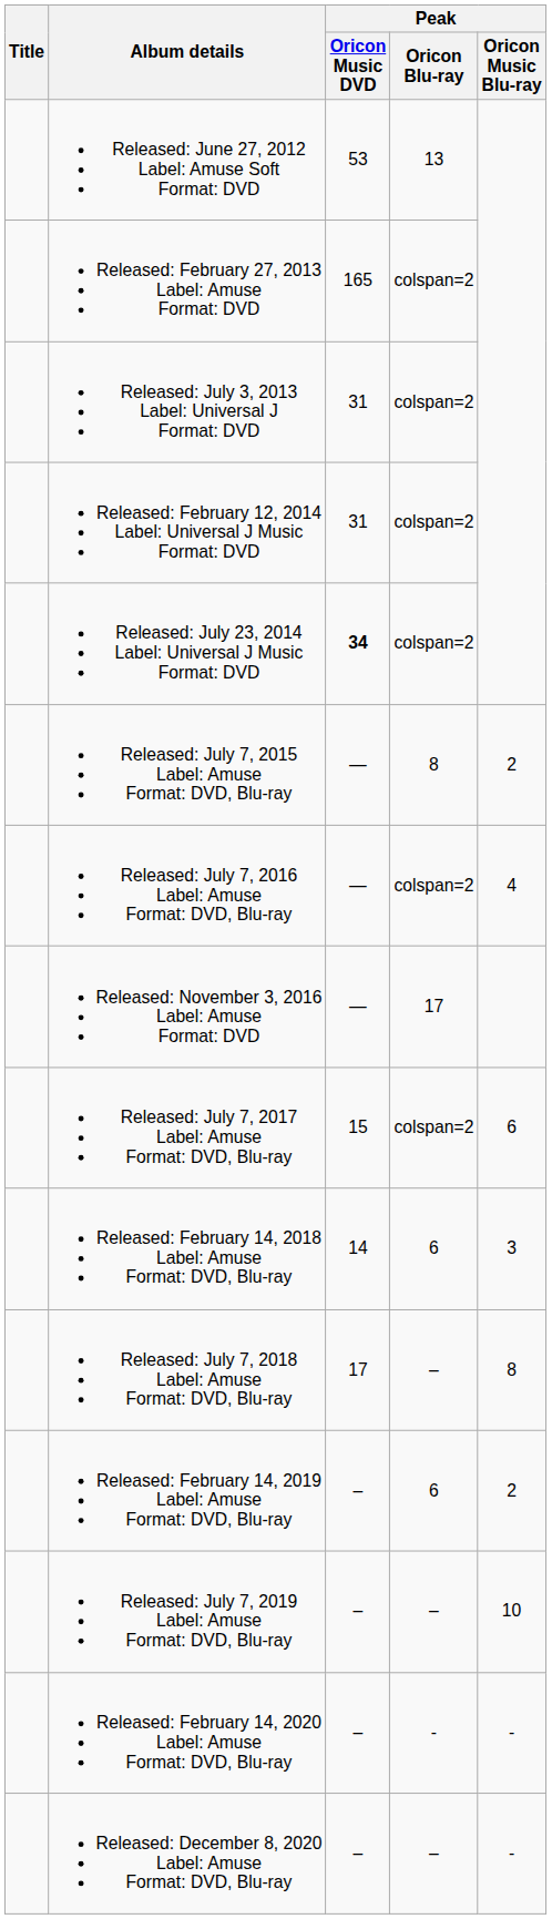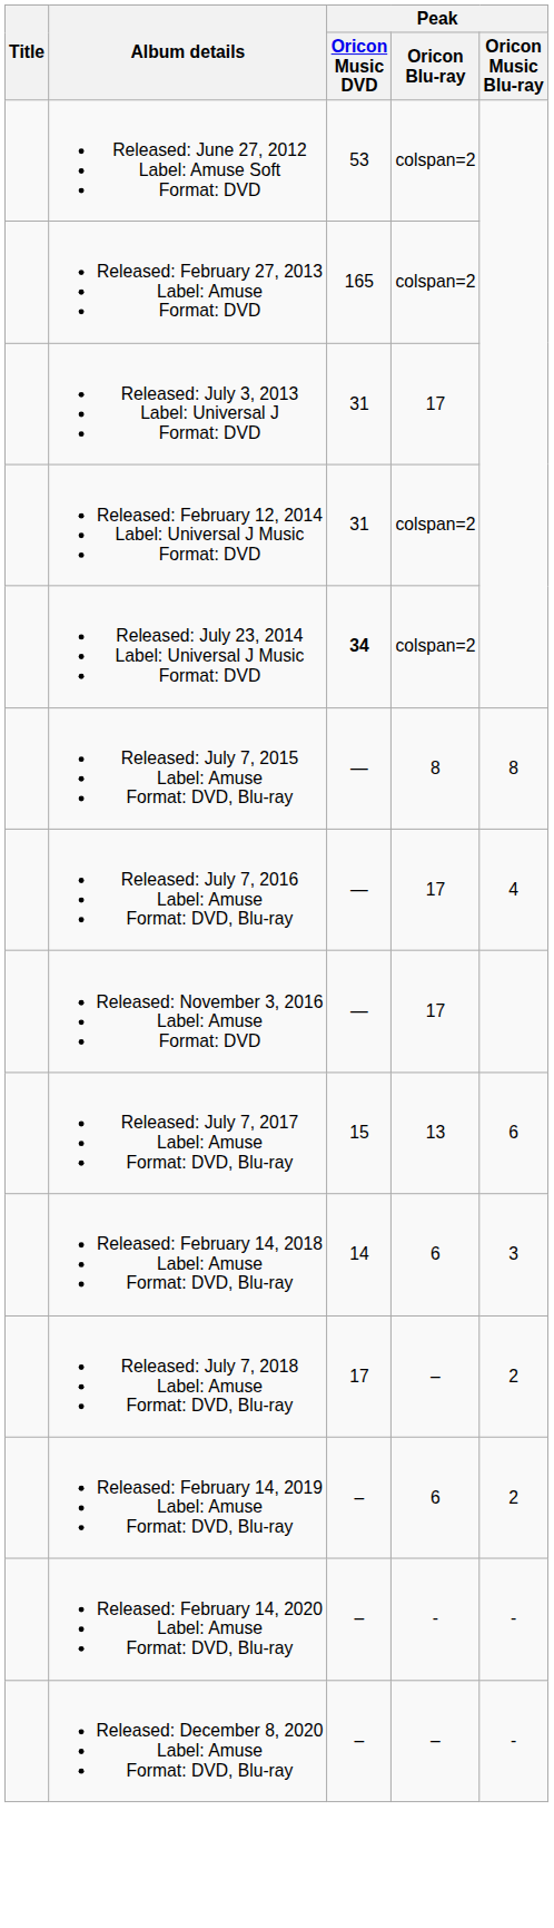 <table class="wikitable" style="text-align:center;">
 <tr>
 <th rowspan="2">Title</th>
 <th rowspan="2">Album details</th>
 <th colspan="3">Peak</th>
 </tr>
 <tr>
 <th><a href='#'>Oricon</a><br>Music<br>DVD</th>
 <th>Oricon<br>Blu-ray</th>
 <th>Oricon<br>Music<br>Blu-ray</th>
 </tr>
 <tr>
 <td align="left"></td>
 <td><br><ul><li>Released: June 27, 2012</li><li>Label: Amuse Soft</li><li>Format: DVD</li></ul></td>
 <td>53</td>
-<td>13</td>
+<td>colspan=2 </td>
 </tr>
 <tr>
 <td align="left"></td>
 <td><br><ul><li>Released: February 27, 2013</li><li>Label: Amuse</li><li>Format: DVD</li></ul></td>
 <td>165</td>
 <td>colspan=2 </td>
 </tr>
 <tr>
 <td align="left"></td>
 <td><br><ul><li>Released: July 3, 2013</li><li>Label: Universal J</li><li>Format: DVD</li></ul></td>
 <td>31</td>
-<td>colspan=2 </td>
+<td>17</td>
 </tr>
 <tr>
 <td align="left"></td>
 <td><br><ul><li>Released: February 12, 2014</li><li>Label: Universal J Music</li><li>Format: DVD</li></ul></td>
 <td>31</td>
 <td>colspan=2 </td>
 </tr>
 <tr>
 <td align="left"></td>
 <td><br><ul><li>Released: July 23, 2014</li><li>Label: Universal J Music</li><li>Format: DVD</li></ul></td>
 <td><strong>34</strong></td>
 <td>colspan=2 </td>
 </tr>
 <tr>
 <td align="left"></td>
 <td><br><ul><li>Released: July 7, 2015</li><li>Label: Amuse</li><li>Format: DVD, Blu-ray</li></ul></td>
 <td>—</td>
 <td>8</td>
-<td>2</td>
+<td>8</td>
 </tr>
 <tr>
 <td align="left"></td>
 <td><br><ul><li>Released: July 7, 2016</li><li>Label: Amuse</li><li>Format: DVD, Blu-ray</li></ul></td>
 <td>—</td>
-<td>colspan=2 </td>
+<td>17</td>
 <td>4</td>
 </tr>
 <tr>
 <td align="left"></td>
 <td><br><ul><li>Released: November 3, 2016</li><li>Label: Amuse</li><li>Format: DVD</li></ul></td>
 <td>—</td>
 <td>17</td>
 </tr>
 <tr>
 <td align="left"></td>
 <td><br><ul><li>Released: July 7, 2017</li><li>Label: Amuse</li><li>Format: DVD, Blu-ray</li></ul></td>
 <td>15</td>
-<td>colspan=2 </td>
+<td>13</td>
 <td>6</td>
 </tr>
 <tr>
 <td align="left"></td>
 <td><br><ul><li>Released: February 14, 2018</li><li>Label: Amuse</li><li>Format: DVD, Blu-ray</li></ul></td>
 <td>14</td>
 <td>6</td>
 <td>3</td>
 </tr>
 <tr>
 <td align="left"></td>
 <td><br><ul><li>Released: July 7, 2018</li><li>Label: Amuse</li><li>Format: DVD, Blu-ray</li></ul></td>
 <td>17</td>
 <td>–</td>
-<td>8</td>
+<td>2</td>
 </tr>
 <tr>
 <td align="left"></td>
 <td><br><ul><li>Released: February 14, 2019</li><li>Label: Amuse</li><li>Format: DVD, Blu-ray</li></ul></td>
 <td>–</td>
 <td>6</td>
 <td>2</td>
-</tr>
-<tr>
-<td align="left"></td>
-<td><br><ul><li>Released: July 7, 2019</li><li>Label: Amuse</li><li>Format: DVD, Blu-ray</li></ul></td>
-<td>–</td>
-<td>–</td>
-<td>10</td>
 </tr>
 <tr>
 <td align="left"></td>
 <td><br><ul><li>Released: February 14, 2020</li><li>Label: Amuse</li><li>Format: DVD, Blu-ray</li></ul></td>
 <td>–</td>
 <td>-</td>
 <td>-</td>
 </tr>
 <tr>
 <td align="left"></td>
 <td><br><ul><li>Released: December 8, 2020</li><li>Label: Amuse</li><li>Format: DVD, Blu-ray</li></ul></td>
 <td>–</td>
 <td>–</td>
 <td>-</td>
 </tr>
 </table>
